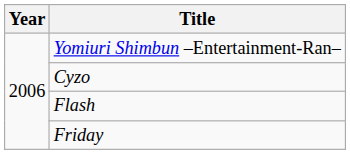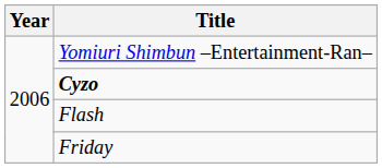 <table class="wikitable">
 <tr>
 <th>Year</th>
 <th>Title</th>
 </tr>
 <tr>
 <td rowspan="4">2006</td>
 <td><em><a href='#'>Yomiuri Shimbun</a></em> –Entertainment-Ran–</td>
 </tr>
 <tr>
-<td><em>Cyzo</em></td>
+<td><strong><em>Cyzo</em></strong></td>
 </tr>
 <tr>
 <td><em>Flash</em></td>
 </tr>
 <tr>
 <td><em>Friday</em></td>
 </tr>
 </table>
